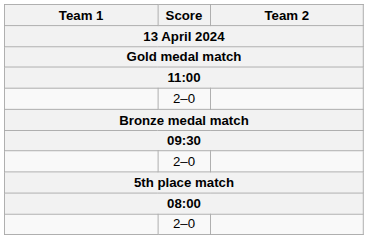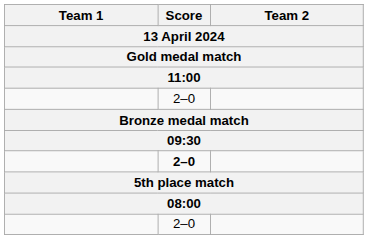 <table class="wikitable" style="text-align: center; font-size:90% ">
 <tr>
 <th align="right" width="160">Team 1</th>
 <th width="50">Score</th>
 <th align="left" width="160">Team 2</th>
 </tr>
 <tr>
 <th colspan=3>13 April 2024</th>
 </tr>
 <tr>
 <th colspan=3>Gold medal match</th>
 </tr>
 <tr>
 <th colspan=3>11:00</th>
 </tr>
 <tr>
 <td align=right></td>
 <td align=center>2–0</td>
 <td align=left></td>
 </tr>
 <tr>
 <th colspan=3>Bronze medal match</th>
 </tr>
 <tr>
 <th colspan=3>09:30</th>
 </tr>
 <tr>
 <td align=right></td>
-<td align=center>2–0</td>
+<td align=center><strong>2–0</strong></td>
 <td align=left></td>
 </tr>
 <tr>
 <th colspan=3>5th place match</th>
 </tr>
 <tr>
 <th colspan=3>08:00</th>
 </tr>
 <tr>
 <td align=right></td>
 <td align=center>2–0</td>
 <td align=left></td>
 </tr>
 </table>
